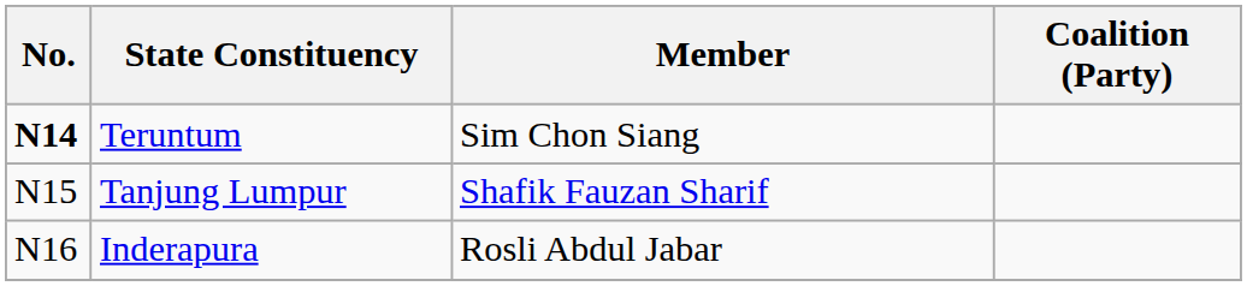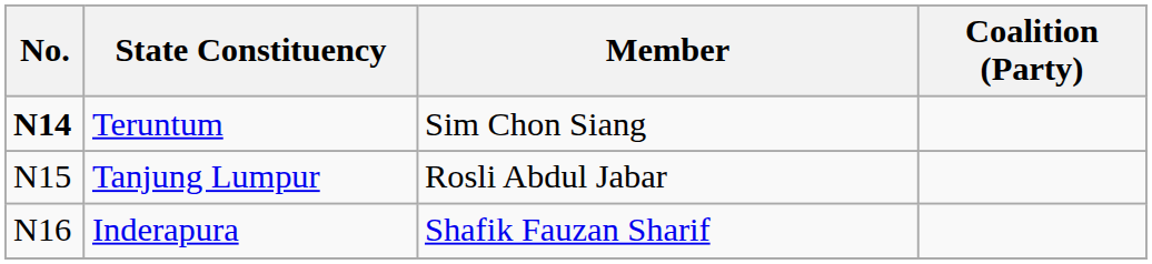 <table class="wikitable">
 <tr>
 <th width="30">No.</th>
 <th width="150">State Constituency</th>
 <th width="230">Member</th>
 <th width="100">Coalition (Party)</th>
 </tr>
 <tr>
 <td><strong>N14</strong></td>
 <td><a href='#'>Teruntum</a></td>
 <td>Sim Chon Siang</td>
 <td></td>
 </tr>
 <tr>
 <td>N15</td>
 <td><a href='#'>Tanjung Lumpur</a></td>
-<td><a href='#'>Shafik Fauzan Sharif</a></td>
+<td>Rosli Abdul Jabar</td>
 <td></td>
 </tr>
 <tr>
 <td>N16</td>
 <td><a href='#'>Inderapura</a></td>
-<td>Rosli Abdul Jabar</td>
+<td><a href='#'>Shafik Fauzan Sharif</a></td>
 <td></td>
 </tr>
 <tr>
 </tr>
 </table>
